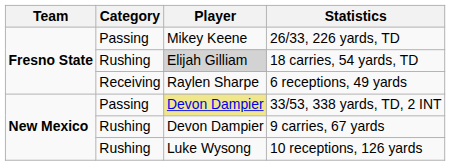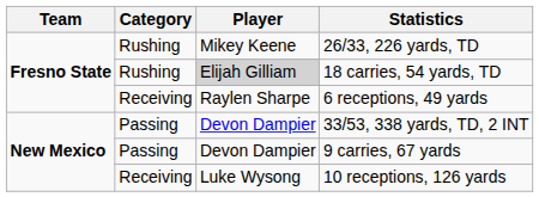 <table class="wikitable" style="float: right;">
 <tr>
 <th>Team</th>
 <th>Category</th>
 <th>Player</th>
 <th>Statistics</th>
 </tr>
 <tr>
 <td rowspan=3><strong>Fresno State</strong></td>
-<td>Passing</td>
+<td>Rushing</td>
 <td>Mikey Keene</td>
 <td>26/33, 226 yards, TD</td>
 </tr>
 <tr>
 <td>Rushing</td>
 <td style="background: lightgrey;">Elijah Gilliam</td>
 <td>18 carries, 54 yards, TD</td>
 </tr>
 <tr>
 <td>Receiving</td>
 <td>Raylen Sharpe</td>
 <td>6 receptions, 49 yards</td>
 </tr>
 <tr>
 <td rowspan=3><strong>New Mexico</strong></td>
 <td>Passing</td>
-<td style="background: khaki;"><a href='#'>Devon Dampier</a></td>
+<td><a href='#'>Devon Dampier</a></td>
 <td>33/53, 338 yards, TD, 2 INT</td>
 </tr>
 <tr>
-<td>Rushing</td>
+<td>Passing</td>
 <td>Devon Dampier</td>
 <td>9 carries, 67 yards</td>
 </tr>
 <tr>
-<td>Rushing</td>
+<td>Receiving</td>
 <td>Luke Wysong</td>
 <td>10 receptions, 126 yards</td>
 </tr>
 </table>
